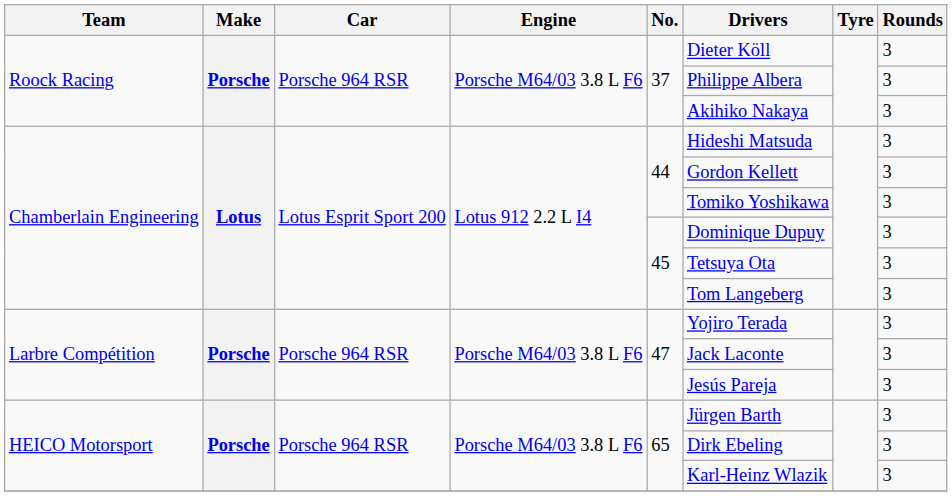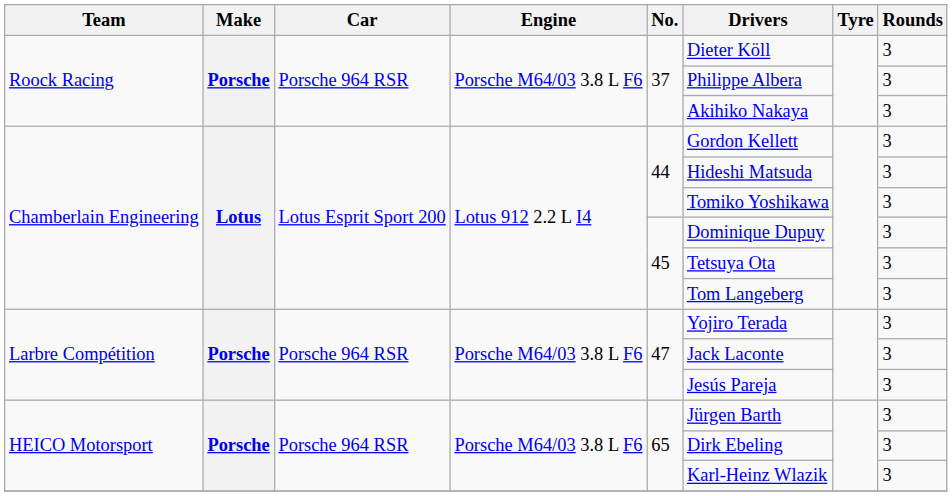 <table class="wikitable" style="font-size: 90%;">
 <tr>
 <th>Team</th>
 <th>Make</th>
 <th>Car</th>
 <th>Engine</th>
 <th>No.</th>
 <th>Drivers</th>
 <th>Tyre</th>
 <th>Rounds</th>
 </tr>
 <tr>
 <td rowspan=3><a href='#'>Roock Racing</a></td>
 <th rowspan=3><a href='#'>Porsche</a></th>
 <td rowspan=3><a href='#'>Porsche 964 RSR</a></td>
 <td rowspan=3><a href='#'>Porsche M64/03</a> 3.8 L <a href='#'>F6</a></td>
 <td rowspan=3>37</td>
 <td> <a href='#'>Dieter Köll</a></td>
 <td rowspan=3></td>
 <td>3</td>
 </tr>
 <tr>
 <td> <a href='#'>Philippe Albera</a></td>
 <td>3</td>
 </tr>
 <tr>
 <td> <a href='#'>Akihiko Nakaya</a></td>
 <td>3</td>
 </tr>
 <tr>
 <td rowspan=6><a href='#'>Chamberlain Engineering</a></td>
 <th rowspan=6><a href='#'>Lotus</a></th>
 <td rowspan=6><a href='#'>Lotus Esprit Sport 200</a></td>
 <td rowspan=6><a href='#'>Lotus 912</a> 2.2 L <a href='#'>I4</a></td>
 <td rowspan=3>44</td>
-<td> <a href='#'>Hideshi Matsuda</a></td>
+<td> <a href='#'>Gordon Kellett</a></td>
 <td rowspan=6></td>
 <td>3</td>
 </tr>
 <tr>
-<td> <a href='#'>Gordon Kellett</a></td>
+<td> <a href='#'>Hideshi Matsuda</a></td>
 <td>3</td>
 </tr>
 <tr>
 <td> <a href='#'>Tomiko Yoshikawa</a></td>
 <td>3</td>
 </tr>
 <tr>
 <td rowspan=3>45</td>
 <td> <a href='#'>Dominique Dupuy</a></td>
 <td>3</td>
 </tr>
 <tr>
 <td> <a href='#'>Tetsuya Ota</a></td>
 <td>3</td>
 </tr>
 <tr>
 <td> <a href='#'>Tom Langeberg</a></td>
 <td>3</td>
 </tr>
 <tr>
 <td rowspan=3><a href='#'>Larbre Compétition</a></td>
 <th rowspan=3><a href='#'>Porsche</a></th>
 <td rowspan=3><a href='#'>Porsche 964 RSR</a></td>
 <td rowspan=3><a href='#'>Porsche M64/03</a> 3.8 L <a href='#'>F6</a></td>
 <td rowspan=3>47</td>
 <td> <a href='#'>Yojiro Terada</a></td>
 <td rowspan=3></td>
 <td>3</td>
 </tr>
 <tr>
 <td> <a href='#'>Jack Laconte</a></td>
 <td>3</td>
 </tr>
 <tr>
 <td> <a href='#'>Jesús Pareja</a></td>
 <td>3</td>
 </tr>
 <tr>
 <td rowspan=3><a href='#'>HEICO Motorsport</a></td>
 <th rowspan=3><a href='#'>Porsche</a></th>
 <td rowspan=3><a href='#'>Porsche 964 RSR</a></td>
 <td rowspan=3><a href='#'>Porsche M64/03</a> 3.8 L <a href='#'>F6</a></td>
 <td rowspan=3>65</td>
 <td> <a href='#'>Jürgen Barth</a></td>
 <td rowspan=3></td>
 <td>3</td>
 </tr>
 <tr>
 <td> <a href='#'>Dirk Ebeling</a></td>
 <td>3</td>
 </tr>
 <tr>
 <td> <a href='#'>Karl-Heinz Wlazik</a></td>
 <td>3</td>
 </tr>
 <tr>
 </tr>
 </table>
